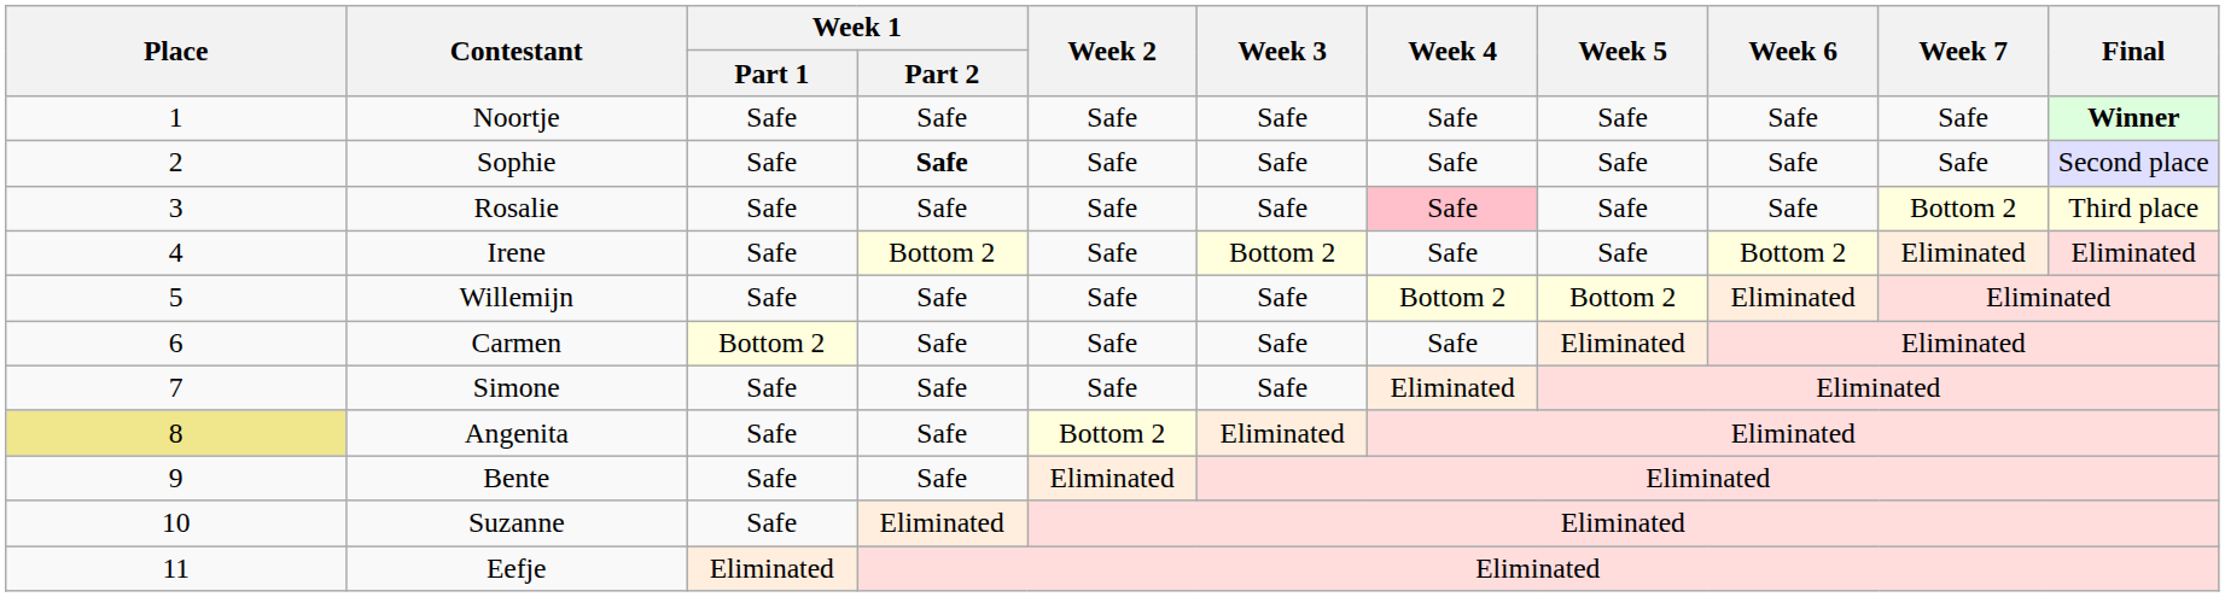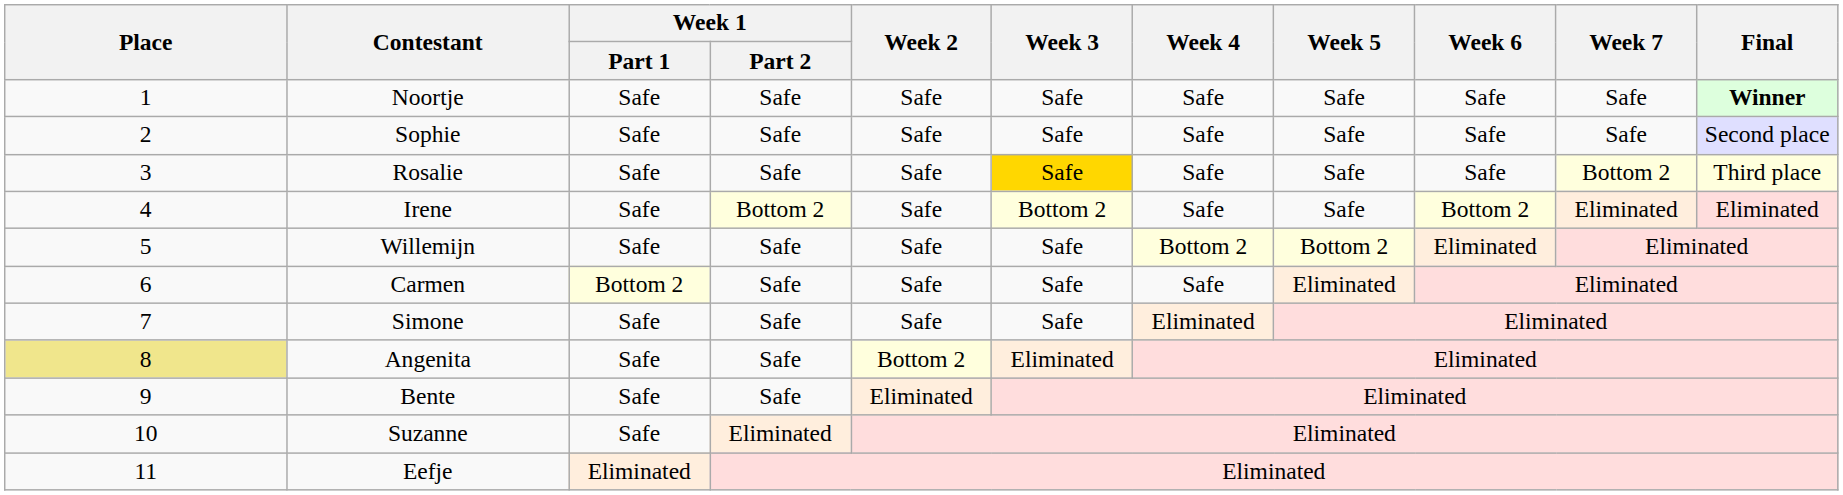 <table class="wikitable" style="text-align:center;">
 <tr>
 <th rowspan="2" style="width:14%;">Place</th>
 <th rowspan="2" style="width:14%;">Contestant</th>
 <th colspan="2" style="width:7%;">Week 1</th>
 <th rowspan="2" style="width:7%;">Week 2</th>
 <th rowspan="2" style="width:7%;">Week 3</th>
 <th rowspan="2" style="width:7%;">Week 4</th>
 <th rowspan="2" style="width:7%;">Week 5</th>
 <th rowspan="2" style="width:7%;">Week 6</th>
 <th rowspan="2" style="width:7%;">Week 7</th>
 <th rowspan="2" style="width:7%;">Final</th>
 </tr>
 <tr>
 <th style="width:7%;">Part 1</th>
 <th style="width:7%;">Part 2</th>
 </tr>
 <tr>
 <td>1</td>
 <td>Noortje</td>
 <td>Safe</td>
 <td>Safe</td>
 <td>Safe</td>
 <td>Safe</td>
 <td>Safe</td>
 <td>Safe</td>
 <td>Safe</td>
 <td>Safe</td>
 <td style="background:#ddffdd;"><strong>Winner</strong></td>
 </tr>
 <tr>
 <td>2</td>
 <td>Sophie</td>
 <td>Safe</td>
-<td><strong>Safe</strong></td>
+<td>Safe</td>
 <td>Safe</td>
 <td>Safe</td>
 <td>Safe</td>
 <td>Safe</td>
 <td>Safe</td>
 <td>Safe</td>
 <td style="background:#dfdfff;">Second place</td>
 </tr>
 <tr>
 <td>3</td>
 <td>Rosalie</td>
 <td>Safe</td>
 <td>Safe</td>
 <td>Safe</td>
+<td style="background: gold;">Safe</td>
 <td>Safe</td>
-<td style="background: pink;">Safe</td>
 <td>Safe</td>
 <td>Safe</td>
 <td style="background:#ffffdd;">Bottom 2</td>
 <td style="background:#ffffdd;">Third place</td>
 </tr>
 <tr>
 <td>4</td>
 <td>Irene</td>
 <td>Safe</td>
 <td style="background:#ffffdd;">Bottom 2</td>
 <td>Safe</td>
 <td style="background:#ffffdd;">Bottom 2</td>
 <td>Safe</td>
 <td>Safe</td>
 <td style="background:#ffffdd;">Bottom 2</td>
 <td style="background:#ffeedd;">Eliminated</td>
 <td style="background:#ffdddd;">Eliminated</td>
 </tr>
 <tr>
 <td>5</td>
 <td>Willemijn</td>
 <td>Safe</td>
 <td>Safe</td>
 <td>Safe</td>
 <td>Safe</td>
 <td style="background:#ffffdd;">Bottom 2</td>
 <td style="background:#ffffdd;">Bottom 2</td>
 <td style="background:#ffeedd;">Eliminated</td>
 <td style="background:#ffdddd;" colspan="3">Eliminated</td>
 </tr>
 <tr>
 <td>6</td>
 <td>Carmen</td>
 <td style="background:#ffffdd;">Bottom 2</td>
 <td>Safe</td>
 <td>Safe</td>
 <td>Safe</td>
 <td>Safe</td>
 <td style="background:#ffeedd;">Eliminated</td>
 <td style="background:#ffdddd;" colspan="4">Eliminated</td>
 </tr>
 <tr>
 <td>7</td>
 <td>Simone</td>
 <td>Safe</td>
 <td>Safe</td>
 <td>Safe</td>
 <td>Safe</td>
 <td style="background:#ffeedd;">Eliminated</td>
 <td style="background:#ffdddd;" colspan="5">Eliminated</td>
 </tr>
 <tr>
 <td style="background: khaki;">8</td>
 <td>Angenita</td>
 <td>Safe</td>
 <td>Safe</td>
 <td style="background:#ffffdd;">Bottom 2</td>
 <td style="background:#ffeedd;">Eliminated</td>
 <td style="background:#ffdddd;" colspan="6">Eliminated</td>
 </tr>
 <tr>
 <td>9</td>
 <td>Bente</td>
 <td>Safe</td>
 <td>Safe</td>
 <td style="background:#ffeedd;">Eliminated</td>
 <td style="background:#ffdddd;" colspan="7">Eliminated</td>
 </tr>
 <tr>
 <td>10</td>
 <td>Suzanne</td>
 <td>Safe</td>
 <td style="background:#ffeedd;">Eliminated</td>
 <td style="background:#ffdddd;" colspan="8">Eliminated</td>
 </tr>
 <tr>
 <td>11</td>
 <td>Eefje</td>
 <td style="background:#ffeedd;">Eliminated</td>
 <td style="background:#ffdddd;" colspan="8">Eliminated</td>
 </tr>
 </table>
